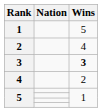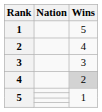 <table class="wikitable" style="font-size: 100%;">
 <tr>
 <th>Rank</th>
 <th>Nation</th>
 <th>Wins</th>
 </tr>
 <tr>
 <th>1</th>
 <td></td>
 <td align="center">5</td>
 </tr>
 <tr>
 <th>2</th>
 <td></td>
 <td align="center">4</td>
 </tr>
 <tr>
 <th>3</th>
 <td></td>
-<td align="center"><strong>3</strong></td>
+<td align="center">3</td>
 </tr>
 <tr>
 <th>4</th>
 <td></td>
-<td align="center">2</td>
+<td align="center" style="background: lightgrey;">2</td>
 </tr>
 <tr>
 <th rowspan="4">5</th>
 <td></td>
 <td rowspan="4" align="center">1</td>
 </tr>
 <tr>
 <td></td>
 </tr>
 <tr>
 <td></td>
 </tr>
 <tr>
 <td></td>
 </tr>
 </table>
